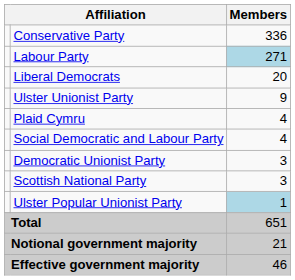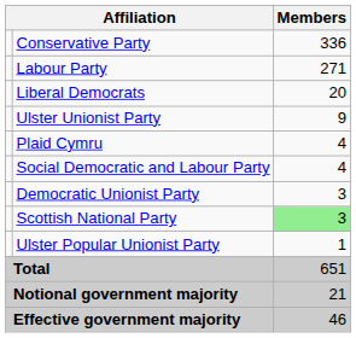 <table class="wikitable">
 <tr>
 <th colspan="2">Affiliation</th>
 <th>Members</th>
 </tr>
 <tr>
 <td style="color:inherit;background:"></td>
 <td><a href='#'>Conservative Party</a></td>
 <td align="right">336</td>
 </tr>
 <tr>
 <td style="color:inherit;background:"></td>
 <td><a href='#'>Labour Party</a></td>
-<td align="right" style="background: lightblue;">271</td>
+<td align="right">271</td>
 </tr>
 <tr>
 <td style="color:inherit;background:"></td>
 <td><a href='#'>Liberal Democrats</a></td>
 <td align="right">20</td>
 </tr>
 <tr>
 <td style="color:inherit;background:"></td>
 <td><a href='#'>Ulster Unionist Party</a></td>
 <td align="right">9</td>
 </tr>
 <tr>
 <td style="color:inherit;background:"></td>
 <td><a href='#'>Plaid Cymru</a></td>
 <td align="right">4</td>
 </tr>
 <tr>
 <td style="color:inherit;background:"></td>
 <td><a href='#'>Social Democratic and Labour Party</a></td>
 <td align="right">4</td>
 </tr>
 <tr>
 <td style="color:inherit;background:"></td>
 <td><a href='#'>Democratic Unionist Party</a></td>
 <td align="right">3</td>
 </tr>
 <tr>
 <td style="color:inherit;background:"></td>
 <td><a href='#'>Scottish National Party</a></td>
-<td align="right">3</td>
+<td align="right" style="background: lightgreen;">3</td>
 </tr>
 <tr>
 <td style="color:inherit;background:"></td>
 <td><a href='#'>Ulster Popular Unionist Party</a></td>
-<td align="right" style="background: lightblue;">1</td>
+<td align="right">1</td>
 </tr>
 <tr bgcolor="CCCCCC">
 <td colspan="2" rowspan="1"> <strong>Total</strong></td>
 <td align="right">651</td>
 </tr>
 <tr bgcolor="CCCCCC">
 <td colspan="2" rowspan="1"> <strong>Notional government majority</strong></td>
 <td align="right">21</td>
 </tr>
 <tr bgcolor="CCCCCC">
 <td colspan="2" rowspan="1"> <strong>Effective government majority</strong></td>
 <td align="right">46</td>
 </tr>
 </table>
